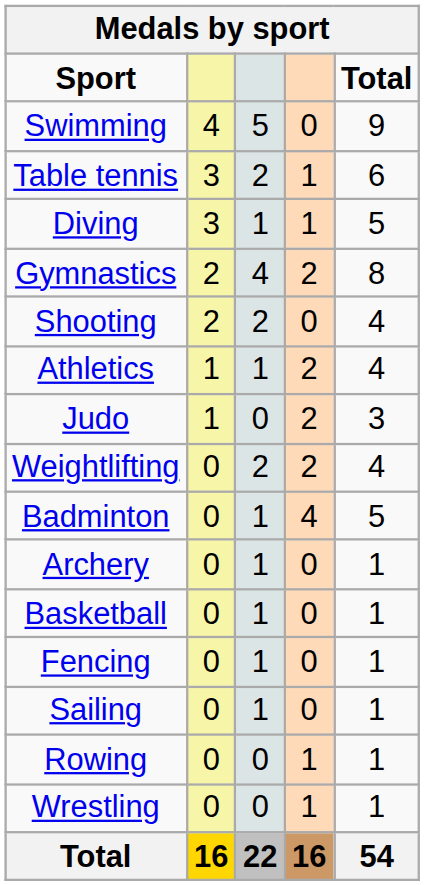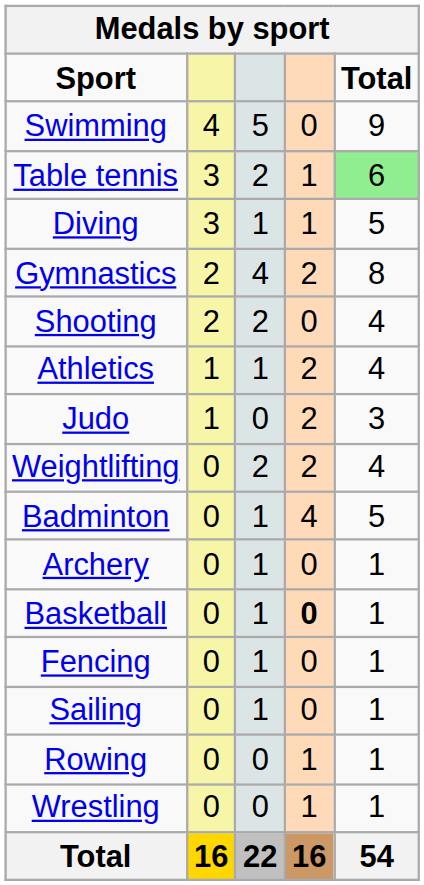 <table class="wikitable" style="font-size:85%; float:right;">
 <tr style="background:#efefef;">
 <th colspan=7>Medals by sport</th>
 </tr>
 <tr align=center>
 <td><strong>Sport</strong></td>
 <td style="background:#f7f6a8;"></td>
 <td style="background:#dce5e5;"></td>
 <td style="background:#ffdab9;"></td>
 <td><strong>Total</strong></td>
 </tr>
 <tr align=center>
 <td><a href='#'>Swimming</a></td>
 <td style="background:#f7f6a8;">4</td>
 <td style="background:#dce5e5;">5</td>
 <td style="background:#ffdab9;">0</td>
 <td>9</td>
 </tr>
 <tr align=center>
 <td><a href='#'>Table tennis</a></td>
 <td style="background:#f7f6a8;">3</td>
 <td style="background:#dce5e5;">2</td>
 <td style="background:#ffdab9;">1</td>
-<td>6</td>
+<td style="background: lightgreen;">6</td>
 </tr>
 <tr align=center>
 <td><a href='#'>Diving</a></td>
 <td style="background:#f7f6a8;">3</td>
 <td style="background:#dce5e5;">1</td>
 <td style="background:#ffdab9;">1</td>
 <td>5</td>
 </tr>
 <tr align=center>
 <td><a href='#'>Gymnastics</a></td>
 <td style="background:#f7f6a8;">2</td>
 <td style="background:#dce5e5;">4</td>
 <td style="background:#ffdab9;">2</td>
 <td>8</td>
 </tr>
 <tr align=center>
 <td><a href='#'>Shooting</a></td>
 <td style="background:#f7f6a8;">2</td>
 <td style="background:#dce5e5;">2</td>
 <td style="background:#ffdab9;">0</td>
 <td>4</td>
 </tr>
 <tr align=center>
 <td><a href='#'>Athletics</a></td>
 <td style="background:#f7f6a8;">1</td>
 <td style="background:#dce5e5;">1</td>
 <td style="background:#ffdab9;">2</td>
 <td>4</td>
 </tr>
 <tr align=center>
 <td><a href='#'>Judo</a></td>
 <td style="background:#f7f6a8;">1</td>
 <td style="background:#dce5e5;">0</td>
 <td style="background:#ffdab9;">2</td>
 <td>3</td>
 </tr>
 <tr align=center>
 <td><a href='#'>Weightlifting</a></td>
 <td style="background:#f7f6a8;">0</td>
 <td style="background:#dce5e5;">2</td>
 <td style="background:#ffdab9;">2</td>
 <td>4</td>
 </tr>
 <tr align=center>
 <td><a href='#'>Badminton</a></td>
 <td style="background:#f7f6a8;">0</td>
 <td style="background:#dce5e5;">1</td>
 <td style="background:#ffdab9;">4</td>
 <td>5</td>
 </tr>
 <tr align=center>
 <td><a href='#'>Archery</a></td>
 <td style="background:#f7f6a8;">0</td>
 <td style="background:#dce5e5;">1</td>
 <td style="background:#ffdab9;">0</td>
 <td>1</td>
 </tr>
 <tr align=center>
 <td><a href='#'>Basketball</a></td>
 <td style="background:#f7f6a8;">0</td>
 <td style="background:#dce5e5;">1</td>
-<td style="background:#ffdab9;">0</td>
+<td style="background:#ffdab9;"><strong>0</strong></td>
 <td>1</td>
 </tr>
 <tr align=center>
 <td><a href='#'>Fencing</a></td>
 <td style="background:#f7f6a8;">0</td>
 <td style="background:#dce5e5;">1</td>
 <td style="background:#ffdab9;">0</td>
 <td>1</td>
 </tr>
 <tr align=center>
 <td><a href='#'>Sailing</a></td>
 <td style="background:#f7f6a8;">0</td>
 <td style="background:#dce5e5;">1</td>
 <td style="background:#ffdab9;">0</td>
 <td>1</td>
 </tr>
 <tr align=center>
 <td><a href='#'>Rowing</a></td>
 <td style="background:#f7f6a8;">0</td>
 <td style="background:#dce5e5;">0</td>
 <td style="background:#ffdab9;">1</td>
 <td>1</td>
 </tr>
 <tr align=center>
 <td><a href='#'>Wrestling</a></td>
 <td style="background:#f7f6a8;">0</td>
 <td style="background:#dce5e5;">0</td>
 <td style="background:#ffdab9;">1</td>
 <td>1</td>
 </tr>
 <tr align=center>
 <th>Total</th>
 <th style="background:gold;">16</th>
 <th style="background:silver;">22</th>
 <th style="background:#c96;">16</th>
 <th>54</th>
 </tr>
 </table>
